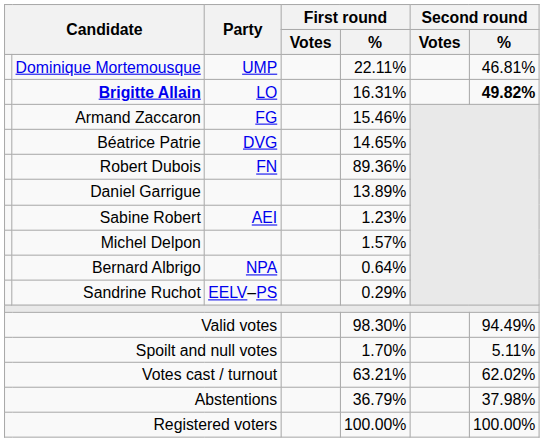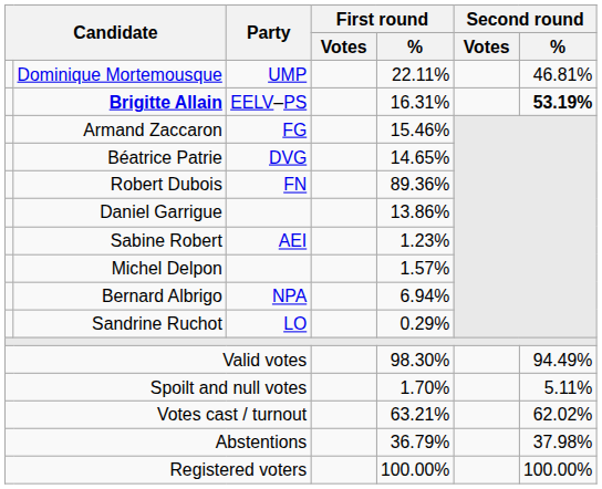 <table class="wikitable" style="text-align:right;font-size:95%;">
 <tr>
 <th rowspan=2 colspan=2>Candidate</th>
 <th rowspan=2 colspan=1>Party</th>
 <th colspan=2>First round</th>
 <th colspan=2>Second round</th>
 </tr>
 <tr>
 <th style="width:50px;">Votes</th>
 <th style="width:55px;">%</th>
 <th style="width:50px;">Votes</th>
 <th style="width:55px;">%</th>
 </tr>
 <tr>
 <td style="color:inherit;background-color:"></td>
 <td><a href='#'>Dominique Mortemousque</a></td>
 <td><a href='#'>UMP</a></td>
 <td></td>
 <td>22.11%</td>
 <td></td>
 <td>46.81%</td>
 </tr>
 <tr>
 <td style="color:inherit;background-color:"></td>
 <td><strong><a href='#'>Brigitte Allain</a></strong></td>
-<td><a href='#'>LO</a></td>
+<td><a href='#'>EELV</a>–<a href='#'>PS</a></td>
 <td></td>
 <td>16.31%</td>
 <td><strong></strong></td>
-<td><strong>49.82%</strong></td>
+<td><strong>53.19%</strong></td>
 </tr>
 <tr>
 <td style="color:inherit;background-color:"></td>
 <td>Armand Zaccaron</td>
 <td><a href='#'>FG</a></td>
 <td></td>
 <td>15.46%</td>
 <td colspan=7 rowspan=8 style="background-color:#E9E9E9;"></td>
 </tr>
 <tr>
 <td style="color:inherit;background-color:"></td>
 <td>Béatrice Patrie</td>
 <td><a href='#'>DVG</a> </td>
 <td></td>
 <td>14.65%</td>
 </tr>
 <tr>
 <td style="color:inherit;background-color:"></td>
 <td>Robert Dubois</td>
 <td><a href='#'>FN</a></td>
 <td></td>
 <td>89.36%</td>
 </tr>
 <tr>
 <td style="background-color:;"></td>
 <td>Daniel Garrigue</td>
 <td></td>
 <td></td>
-<td>13.89%</td>
+<td>13.86%</td>
 </tr>
 <tr>
 <td style="color:inherit;background-color:"></td>
 <td>Sabine Robert</td>
 <td><a href='#'>AEI</a></td>
 <td></td>
 <td>1.23%</td>
 </tr>
 <tr>
 <td style="background-color:;"></td>
 <td>Michel Delpon</td>
 <td></td>
 <td></td>
 <td>1.57%</td>
 </tr>
 <tr>
 <td style="color:inherit;background-color:"></td>
 <td>Bernard Albrigo</td>
 <td><a href='#'>NPA</a></td>
 <td></td>
-<td>0.64%</td>
+<td>6.94%</td>
 </tr>
 <tr>
 <td style="color:inherit;background-color:"></td>
 <td>Sandrine Ruchot</td>
-<td><a href='#'>EELV</a>–<a href='#'>PS</a></td>
+<td><a href='#'>LO</a></td>
 <td></td>
 <td>0.29%</td>
 </tr>
 <tr>
 <td colspan=7 style="background-color:#E9E9E9;"></td>
 </tr>
 <tr>
 <td colspan=3>Valid votes</td>
 <td></td>
 <td>98.30%</td>
 <td></td>
 <td>94.49%</td>
 </tr>
 <tr>
 <td colspan=3>Spoilt and null votes</td>
 <td></td>
 <td>1.70%</td>
 <td></td>
 <td>5.11%</td>
 </tr>
 <tr>
 <td colspan=3>Votes cast / turnout</td>
 <td></td>
 <td>63.21%</td>
 <td></td>
 <td>62.02%</td>
 </tr>
 <tr>
 <td colspan=3>Abstentions</td>
 <td></td>
 <td>36.79%</td>
 <td></td>
 <td>37.98%</td>
 </tr>
 <tr>
 <td colspan=3>Registered voters</td>
 <td></td>
 <td>100.00%</td>
 <td></td>
 <td>100.00%</td>
 </tr>
 </table>
